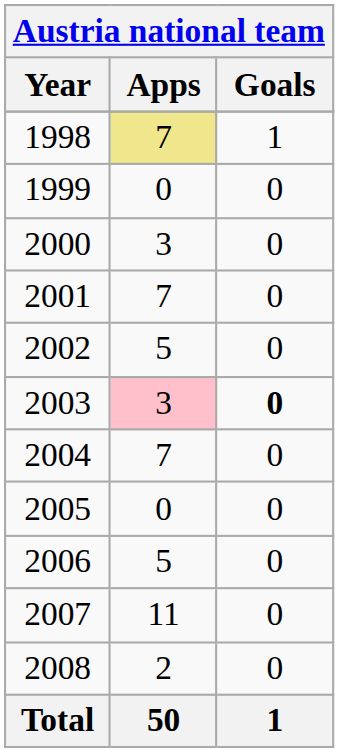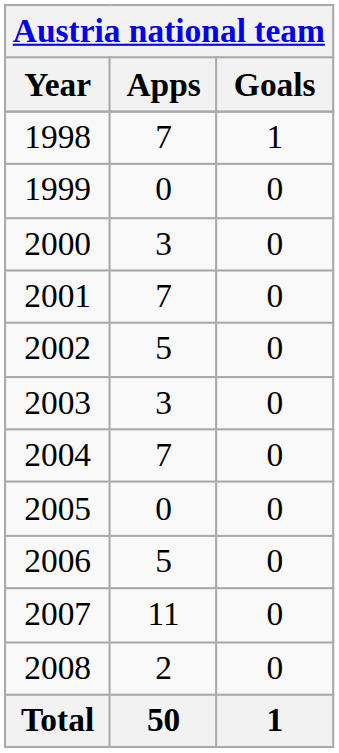 <table class="wikitable" style="text-align:center">
 <tr>
 <th colspan=3><a href='#'>Austria national team</a></th>
 </tr>
 <tr>
 <th>Year</th>
 <th>Apps</th>
 <th>Goals</th>
 </tr>
 <tr>
 </tr>
 <tr>
 <td>1998</td>
-<td style="background: khaki;">7</td>
+<td>7</td>
 <td>1</td>
 </tr>
 <tr>
 <td>1999</td>
 <td>0</td>
 <td>0</td>
 </tr>
 <tr>
 <td>2000</td>
 <td>3</td>
 <td>0</td>
 </tr>
 <tr>
 <td>2001</td>
 <td>7</td>
 <td>0</td>
 </tr>
 <tr>
 <td>2002</td>
 <td>5</td>
 <td>0</td>
 </tr>
 <tr>
 <td>2003</td>
-<td style="background: pink;">3</td>
-<td><strong>0</strong></td>
+<td>3</td>
+<td>0</td>
 </tr>
 <tr>
 <td>2004</td>
 <td>7</td>
 <td>0</td>
 </tr>
 <tr>
 <td>2005</td>
 <td>0</td>
 <td>0</td>
 </tr>
 <tr>
 <td>2006</td>
 <td>5</td>
 <td>0</td>
 </tr>
 <tr>
 <td>2007</td>
 <td>11</td>
 <td>0</td>
 </tr>
 <tr>
 <td>2008</td>
 <td>2</td>
 <td>0</td>
 </tr>
 <tr>
 <th>Total</th>
 <th>50</th>
 <th>1</th>
 </tr>
 </table>
